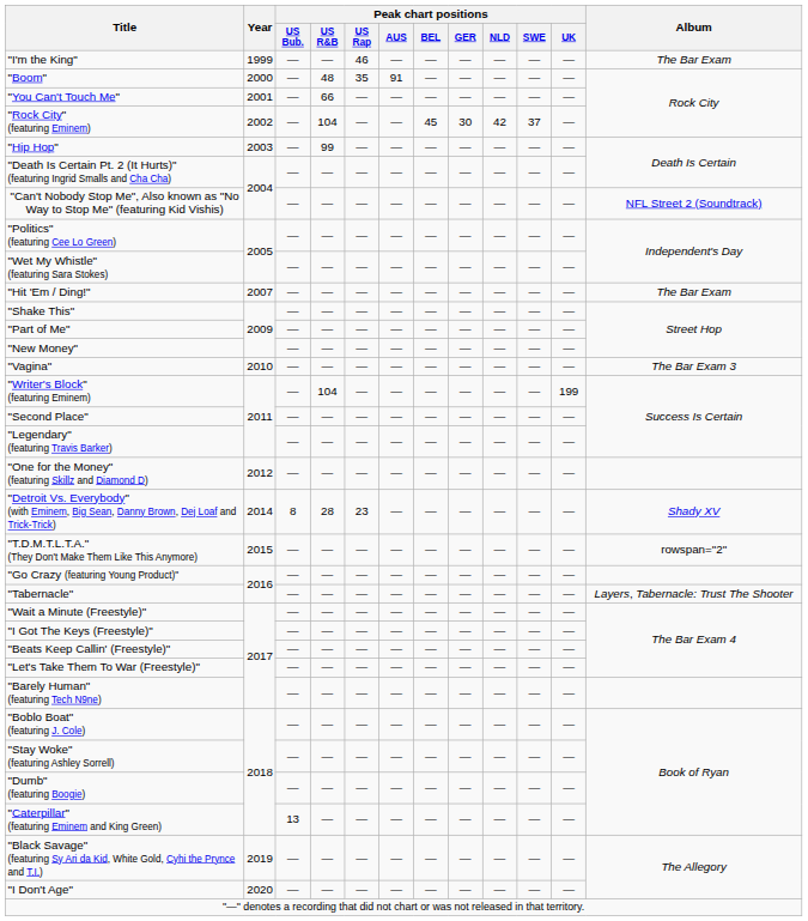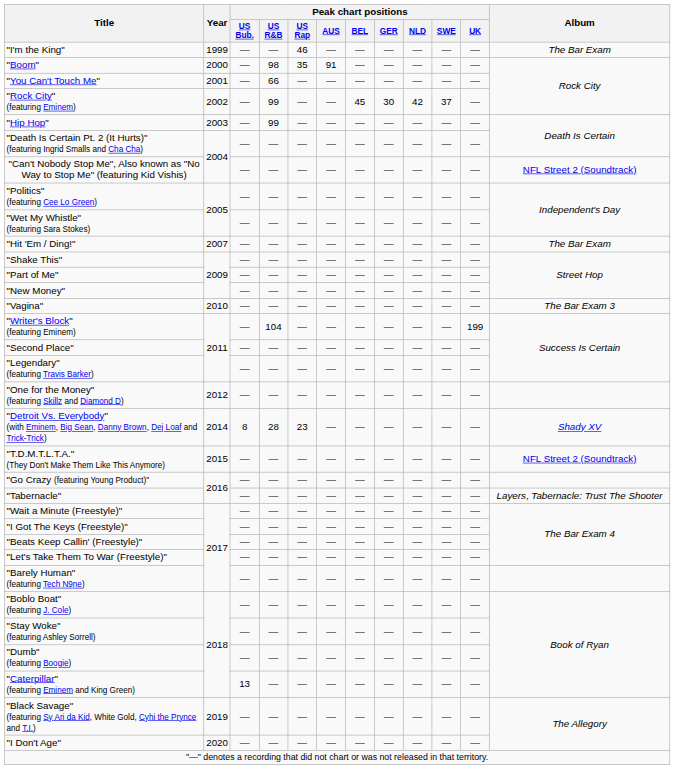 <table class="wikitable plainrowheaders" style="text-align:center;" border="1">
 <tr>
 <th scope="col" rowspan="2" style="width:20em;">Title</th>
 <th scope="col" rowspan="2" style="width:1em;">Year</th>
 <th scope="col" colspan="9">Peak chart positions</th>
 <th scope="col" rowspan="2" style="width:18em;">Album</th>
 </tr>
 <tr>
 <th style="width:3em; font-size:85%"><a href='#'>US<br>Bub.</a><br></th>
 <th style="width:3em; font-size:85%"><a href='#'>US<br>R&B</a><br></th>
 <th style="width:3em; font-size:85%"><a href='#'>US<br>Rap</a><br></th>
 <th style="width:3em; font-size:85%"><a href='#'>AUS</a><br></th>
 <th style="width:3em; font-size:85%"><a href='#'>BEL</a><br></th>
 <th style="width:3em; font-size:85%"><a href='#'>GER</a><br></th>
 <th style="width:3em; font-size:85%"><a href='#'>NLD</a><br></th>
 <th style="width:3em; font-size:85%"><a href='#'>SWE</a><br></th>
 <th style="width:3em; font-size:85%"><a href='#'>UK</a><br></th>
 </tr>
 <tr>
 <td style="text-align:left;">"I'm the King"</td>
 <td>1999</td>
 <td>—</td>
 <td>—</td>
 <td>46</td>
 <td>—</td>
 <td>—</td>
 <td>—</td>
 <td>—</td>
 <td>—</td>
 <td>—</td>
 <td><em>The Bar Exam</em></td>
 </tr>
 <tr>
 <td style="text-align:left;">"<a href='#'>Boom</a>"</td>
 <td>2000</td>
 <td>—</td>
-<td>48</td>
+<td>98</td>
 <td>35</td>
 <td>91</td>
 <td>—</td>
 <td>—</td>
 <td>—</td>
 <td>—</td>
 <td>—</td>
 <td rowspan="3"><em>Rock City</em></td>
 </tr>
 <tr>
 <td style="text-align:left;">"<a href='#'>You Can't Touch Me</a>"</td>
 <td>2001</td>
 <td>—</td>
 <td>66</td>
 <td>—</td>
 <td>—</td>
 <td>—</td>
 <td>—</td>
 <td>—</td>
 <td>—</td>
 <td>—</td>
 </tr>
 <tr>
 <td style="text-align:left;">"<a href='#'>Rock City</a>"<br><small>(featuring <a href='#'>Eminem</a>)</small></td>
 <td>2002</td>
 <td>—</td>
-<td>104<br></td>
+<td>99</td>
 <td>—</td>
 <td>—</td>
 <td>45</td>
 <td>30</td>
 <td>42</td>
 <td>37</td>
 <td>—</td>
 </tr>
 <tr>
 <td style="text-align:left;">"<a href='#'>Hip Hop</a>"</td>
 <td>2003</td>
 <td>—</td>
 <td>99</td>
 <td>—</td>
 <td>—</td>
 <td>—</td>
 <td>—</td>
 <td>—</td>
 <td>—</td>
 <td>—</td>
 <td rowspan="2"><em>Death Is Certain</em></td>
 </tr>
 <tr>
 <td style="text-align:left;">"Death Is Certain Pt. 2 (It Hurts)"<br><small>(featuring Ingrid Smalls and <a href='#'>Cha Cha</a>)</small></td>
 <td rowspan="2">2004</td>
 <td>—</td>
 <td>—</td>
 <td>—</td>
 <td>—</td>
 <td>—</td>
 <td>—</td>
 <td>—</td>
 <td>—</td>
 <td>—</td>
 </tr>
 <tr>
 <td>"Can't Nobody Stop Me", Also known as "No Way to Stop Me" (featuring Kid Vishis)</td>
 <td>—</td>
 <td>—</td>
 <td>—</td>
 <td>—</td>
 <td>—</td>
 <td>—</td>
 <td>—</td>
 <td>—</td>
 <td>—</td>
 <td><a href='#'>NFL Street 2 (Soundtrack)</a></td>
 </tr>
 <tr>
 <td style="text-align:left;">"Politics"<br><small>(featuring <a href='#'>Cee Lo Green</a>)</small></td>
 <td rowspan="2">2005</td>
 <td>—</td>
 <td>—</td>
 <td>—</td>
 <td>—</td>
 <td>—</td>
 <td>—</td>
 <td>—</td>
 <td>—</td>
 <td>—</td>
 <td rowspan="2"><em>Independent's Day</em></td>
 </tr>
 <tr>
 <td style="text-align:left;">"Wet My Whistle"<br><small>(featuring Sara Stokes)</small></td>
 <td>—</td>
 <td>—</td>
 <td>—</td>
 <td>—</td>
 <td>—</td>
 <td>—</td>
 <td>—</td>
 <td>—</td>
 <td>—</td>
 </tr>
 <tr>
 <td style="text-align:left;">"Hit 'Em / Ding!"</td>
 <td>2007</td>
 <td>—</td>
 <td>—</td>
 <td>—</td>
 <td>—</td>
 <td>—</td>
 <td>—</td>
 <td>—</td>
 <td>—</td>
 <td>—</td>
 <td><em>The Bar Exam</em></td>
 </tr>
 <tr>
 <td style="text-align:left;">"Shake This"</td>
 <td rowspan="3">2009</td>
 <td>—</td>
 <td>—</td>
 <td>—</td>
 <td>—</td>
 <td>—</td>
 <td>—</td>
 <td>—</td>
 <td>—</td>
 <td>—</td>
 <td rowspan="3"><em>Street Hop</em></td>
 </tr>
 <tr>
 <td style="text-align:left;">"Part of Me"</td>
 <td>—</td>
 <td>—</td>
 <td>—</td>
 <td>—</td>
 <td>—</td>
 <td>—</td>
 <td>—</td>
 <td>—</td>
 <td>—</td>
 </tr>
 <tr>
 <td style="text-align:left;">"New Money"</td>
 <td>—</td>
 <td>—</td>
 <td>—</td>
 <td>—</td>
 <td>—</td>
 <td>—</td>
 <td>—</td>
 <td>—</td>
 <td>—</td>
 </tr>
 <tr>
 <td style="text-align:left;">"Vagina"</td>
 <td>2010</td>
 <td>—</td>
 <td>—</td>
 <td>—</td>
 <td>—</td>
 <td>—</td>
 <td>—</td>
 <td>—</td>
 <td>—</td>
 <td>—</td>
 <td><em>The Bar Exam 3</em></td>
 </tr>
 <tr>
 <td style="text-align:left;">"<a href='#'>Writer's Block</a>"<br><small>(featuring Eminem)</small></td>
 <td rowspan="3">2011</td>
 <td>—</td>
 <td>104<br></td>
 <td>—</td>
 <td>—</td>
 <td>—</td>
 <td>—</td>
 <td>—</td>
 <td>—</td>
 <td>199</td>
 <td rowspan="3"><em>Success Is Certain</em></td>
 </tr>
 <tr>
 <td style="text-align:left;">"Second Place"</td>
 <td>—</td>
 <td>—</td>
 <td>—</td>
 <td>—</td>
 <td>—</td>
 <td>—</td>
 <td>—</td>
 <td>—</td>
 <td>—</td>
 </tr>
 <tr>
 <td style="text-align:left;">"Legendary"<br><small>(featuring <a href='#'>Travis Barker</a>)</small></td>
 <td>—</td>
 <td>—</td>
 <td>—</td>
 <td>—</td>
 <td>—</td>
 <td>—</td>
 <td>—</td>
 <td>—</td>
 <td>—</td>
 </tr>
 <tr>
 <td style="text-align:left;">"One for the Money"<br><small>(featuring <a href='#'>Skillz</a> and <a href='#'>Diamond D</a>)</small></td>
 <td>2012</td>
 <td>—</td>
 <td>—</td>
 <td>—</td>
 <td>—</td>
 <td>—</td>
 <td>—</td>
 <td>—</td>
 <td>—</td>
 <td>—</td>
 <td></td>
 </tr>
 <tr>
 <td style="text-align:left;">"<a href='#'>Detroit Vs. Everybody</a>"<br><small>(with <a href='#'>Eminem</a>, <a href='#'>Big Sean</a>, <a href='#'>Danny Brown</a>, <a href='#'>Dej Loaf</a> and <a href='#'>Trick-Trick</a>)</small></td>
 <td>2014</td>
 <td>8</td>
 <td>28</td>
 <td>23</td>
 <td>—</td>
 <td>—</td>
 <td>—</td>
 <td>—</td>
 <td>—</td>
 <td>—</td>
 <td><em><a href='#'>Shady XV</a></em></td>
 </tr>
 <tr>
 <td style="text-align:left;">"T.D.M.T.L.T.A."<br><small>(They Don't Make Them Like This Anymore)</small></td>
 <td>2015</td>
 <td>—</td>
 <td>—</td>
 <td>—</td>
 <td>—</td>
 <td>—</td>
 <td>—</td>
 <td>—</td>
 <td>—</td>
 <td>—</td>
-<td>rowspan="2" </td>
+<td><a href='#'>NFL Street 2 (Soundtrack)</a></td>
 </tr>
 <tr>
 <td style="text-align:left;">"Go Crazy <small>(featuring Young Product)"</small></td>
 <td rowspan="2">2016</td>
 <td>—</td>
 <td>—</td>
 <td>—</td>
 <td>—</td>
 <td>—</td>
 <td>—</td>
 <td>—</td>
 <td>—</td>
 <td>—</td>
 </tr>
 <tr>
 <td style="text-align:left;">"Tabernacle"</td>
 <td>—</td>
 <td>—</td>
 <td>—</td>
 <td>—</td>
 <td>—</td>
 <td>—</td>
 <td>—</td>
 <td>—</td>
 <td>—</td>
 <td><em>Layers</em>, <em>Tabernacle: Trust The Shooter</em></td>
 </tr>
 <tr>
 <td style="text-align:left;">"Wait a Minute (Freestyle)"</td>
 <td rowspan="5">2017</td>
 <td>—</td>
 <td>—</td>
 <td>—</td>
 <td>—</td>
 <td>—</td>
 <td>—</td>
 <td>—</td>
 <td>—</td>
 <td>—</td>
 <td rowspan="4"><em>The Bar Exam 4</em></td>
 </tr>
 <tr>
 <td style="text-align:left;">"I Got The Keys (Freestyle)"</td>
 <td>—</td>
 <td>—</td>
 <td>—</td>
 <td>—</td>
 <td>—</td>
 <td>—</td>
 <td>—</td>
 <td>—</td>
 <td>—</td>
 </tr>
 <tr>
 <td style="text-align:left;">"Beats Keep Callin' (Freestyle)"</td>
 <td>—</td>
 <td>—</td>
 <td>—</td>
 <td>—</td>
 <td>—</td>
 <td>—</td>
 <td>—</td>
 <td>—</td>
 <td>—</td>
 </tr>
 <tr>
 <td style="text-align:left;">"Let's Take Them To War (Freestyle)"</td>
 <td>—</td>
 <td>—</td>
 <td>—</td>
 <td>—</td>
 <td>—</td>
 <td>—</td>
 <td>—</td>
 <td>—</td>
 <td>—</td>
 </tr>
 <tr>
 <td style="text-align:left;">"Barely Human"<br><small>(featuring <a href='#'>Tech N9ne</a>)</small></td>
 <td>—</td>
 <td>—</td>
 <td>—</td>
 <td>—</td>
 <td>—</td>
 <td>—</td>
 <td>—</td>
 <td>—</td>
 <td>—</td>
 <td></td>
 </tr>
 <tr>
 <td style="text-align:left;">"Boblo Boat"<br><small>(featuring <a href='#'>J. Cole</a>)</small></td>
 <td rowspan="4">2018</td>
 <td>—</td>
 <td>—</td>
 <td>—</td>
 <td>—</td>
 <td>—</td>
 <td>—</td>
 <td>—</td>
 <td>—</td>
 <td>—</td>
 <td rowspan="4"><em>Book of Ryan</em></td>
 </tr>
 <tr>
 <td style="text-align:left;">"Stay Woke"<br><small>(featuring Ashley Sorrell)</small></td>
 <td>—</td>
 <td>—</td>
 <td>—</td>
 <td>—</td>
 <td>—</td>
 <td>—</td>
 <td>—</td>
 <td>—</td>
 <td>—</td>
 </tr>
 <tr>
 <td style="text-align:left;">"Dumb"<br><small>(featuring <a href='#'>Boogie</a>)</small></td>
 <td>—</td>
 <td>—</td>
 <td>—</td>
 <td>—</td>
 <td>—</td>
 <td>—</td>
 <td>—</td>
 <td>—</td>
 <td>—</td>
 </tr>
 <tr>
 <td style="text-align:left;">"<a href='#'>Caterpillar</a>"<br><small>(featuring <a href='#'>Eminem</a> and King Green)</small></td>
 <td>13</td>
 <td>—</td>
 <td>—</td>
 <td>—</td>
 <td>—</td>
 <td>—</td>
 <td>—</td>
 <td>—</td>
 <td>—</td>
 </tr>
 <tr>
 <td style="text-align:left;">"Black Savage"<br><small>(featuring <a href='#'>Sy Ari da Kid</a>, White Gold, <a href='#'>Cyhi the Prynce</a> and <a href='#'>T.I.</a>)</small></td>
 <td>2019</td>
 <td>—</td>
 <td>—</td>
 <td>—</td>
 <td>—</td>
 <td>—</td>
 <td>—</td>
 <td>—</td>
 <td>—</td>
 <td>—</td>
 <td rowspan="2"><em>The Allegory</em></td>
 </tr>
 <tr>
 <td style="text-align:left;">"I Don't Age"</td>
 <td style="text-align:left;">2020</td>
 <td>—</td>
 <td>—</td>
 <td>—</td>
 <td>—</td>
 <td>—</td>
 <td>—</td>
 <td>—</td>
 <td>—</td>
 <td>—</td>
 </tr>
 <tr>
 <td colspan="13" style="font-size:90%">"—" denotes a recording that did not chart or was not released in that territory.</td>
 </tr>
 </table>
